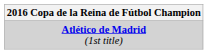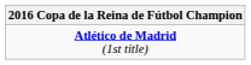 <table class=wikitable style="text-align:center; margin:auto">
 <tr>
 <th>2016 Copa de la Reina de Fútbol Champion</th>
 </tr>
 <tr>
-<td style="background: lightgrey;"> <strong><a href='#'>Atlético de Madrid</a></strong> <br> <em>(1st title)</em></td>
+<td> <strong><a href='#'>Atlético de Madrid</a></strong> <br> <em>(1st title)</em></td>
 </tr>
 </table>
